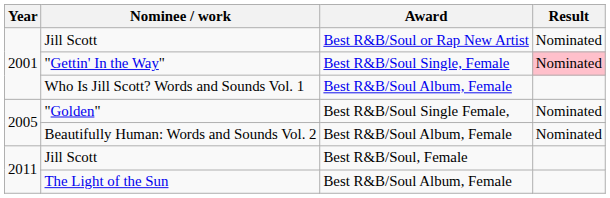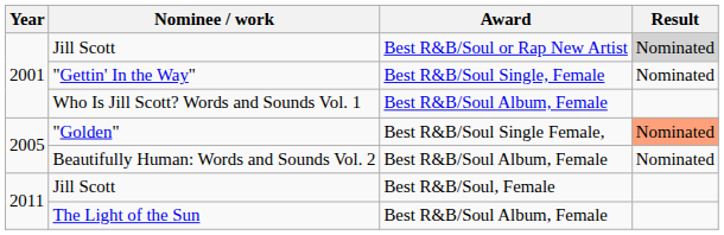 <table class="wikitable">
 <tr>
 <th>Year</th>
 <th>Nominee / work</th>
 <th>Award</th>
 <th>Result</th>
 </tr>
 <tr>
 <td rowspan="3">2001</td>
 <td>Jill Scott</td>
 <td><a href='#'>Best R&B/Soul or Rap New Artist</a></td>
-<td>Nominated</td>
+<td style="background: lightgrey;">Nominated</td>
 </tr>
 <tr>
 <td>"<a href='#'>Gettin' In the Way</a>"</td>
 <td><a href='#'>Best R&B/Soul Single, Female</a></td>
-<td style="background: pink;">Nominated</td>
+<td>Nominated</td>
 </tr>
 <tr>
 <td>Who Is Jill Scott? Words and Sounds Vol. 1</td>
 <td><a href='#'>Best R&B/Soul Album, Female</a></td>
 <td></td>
 </tr>
 <tr>
 <td rowspan="2">2005</td>
 <td>"<a href='#'>Golden</a>"</td>
 <td>Best R&B/Soul Single Female,</td>
-<td>Nominated</td>
+<td style="background: lightsalmon;">Nominated</td>
 </tr>
 <tr>
 <td>Beautifully Human: Words and Sounds Vol. 2</td>
 <td>Best R&B/Soul Album, Female</td>
 <td>Nominated</td>
 </tr>
 <tr>
 <td rowspan="2">2011</td>
 <td>Jill Scott</td>
 <td>Best R&B/Soul, Female </td>
 <td></td>
 </tr>
 <tr>
 <td><a href='#'>The Light of the Sun</a></td>
 <td>Best R&B/Soul Album, Female</td>
 <td></td>
 </tr>
 </table>
